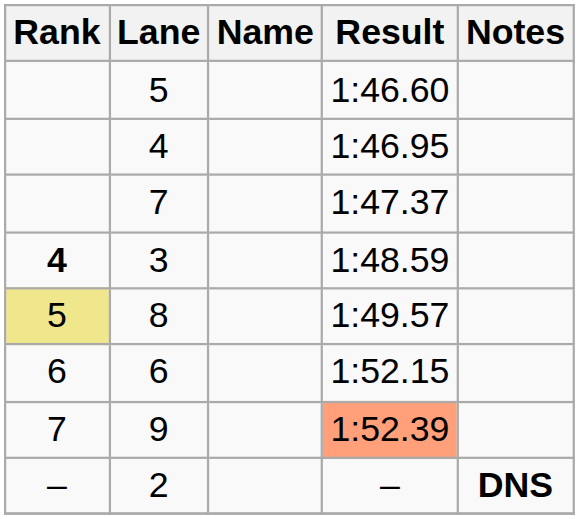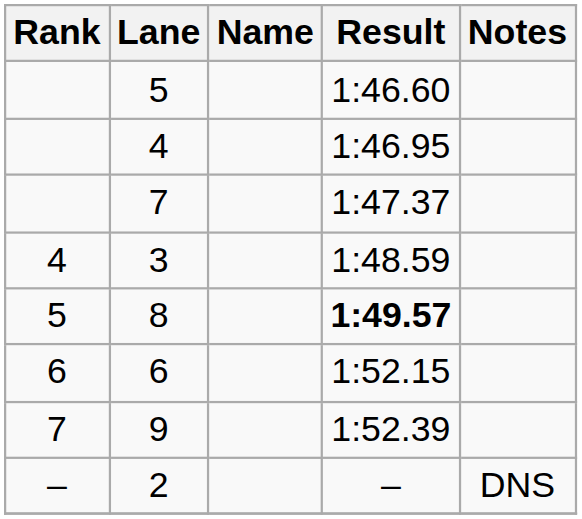 <table class="wikitable" style="text-align:center">
 <tr>
 <th>Rank</th>
 <th>Lane</th>
 <th>Name</th>
 <th>Result</th>
 <th>Notes</th>
 </tr>
 <tr>
 <td></td>
 <td>5</td>
 <td align="left"></td>
 <td>1:46.60</td>
 <td></td>
 </tr>
 <tr>
 <td></td>
 <td>4</td>
 <td align="left"></td>
 <td>1:46.95</td>
 <td></td>
 </tr>
 <tr>
 <td></td>
 <td>7</td>
 <td align="left"></td>
 <td>1:47.37</td>
 <td></td>
 </tr>
 <tr>
-<td><strong>4</strong></td>
+<td>4</td>
 <td>3</td>
 <td align="left"></td>
 <td>1:48.59</td>
 <td></td>
 </tr>
 <tr>
-<td style="background: khaki;">5</td>
+<td>5</td>
 <td>8</td>
 <td align="left"></td>
-<td>1:49.57</td>
+<td><strong>1:49.57</strong></td>
 <td></td>
 </tr>
 <tr>
 <td>6</td>
 <td>6</td>
 <td align="left"></td>
 <td>1:52.15</td>
 <td></td>
 </tr>
 <tr>
 <td>7</td>
 <td>9</td>
 <td align="left"></td>
-<td style="background: lightsalmon;">1:52.39</td>
+<td>1:52.39</td>
 <td></td>
 </tr>
 <tr>
 <td>–</td>
 <td>2</td>
 <td align="left"></td>
 <td>–</td>
-<td><strong>DNS</strong></td>
+<td>DNS</td>
 </tr>
 <tr>
 </tr>
 </table>
